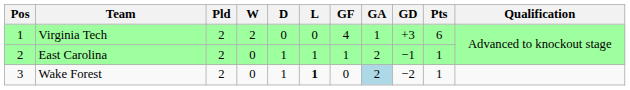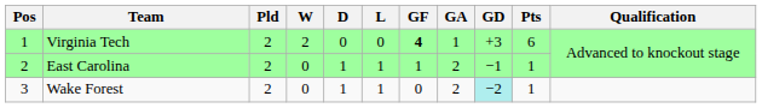 <table class="wikitable" style="text-align:center; margin: 1em auto">
 <tr>
 <th style="width:2em">Pos</th>
 <th style="width:13em">Team</th>
 <th style="width:2em">Pld</th>
 <th style="width:2em">W</th>
 <th style="width:2em">D</th>
 <th style="width:2em">L</th>
 <th style="width:2em">GF</th>
 <th style="width:2em">GA</th>
 <th style="width:2em">GD</th>
 <th style="width:2em">Pts</th>
 <th style="width:13em">Qualification</th>
 </tr>
 <tr bgcolor="#9eff9e">
 <td>1</td>
 <td style="text-align:left">Virginia Tech</td>
 <td>2</td>
 <td>2</td>
 <td>0</td>
 <td>0</td>
-<td>4</td>
+<td><strong>4</strong></td>
 <td>1</td>
 <td>+3</td>
 <td>6</td>
 <td rowspan="2">Advanced to knockout stage</td>
 </tr>
 <tr bgcolor="#9eff9e">
 <td>2</td>
 <td style="text-align:left">East Carolina</td>
 <td>2</td>
 <td>0</td>
 <td>1</td>
 <td>1</td>
 <td>1</td>
 <td>2</td>
 <td>−1</td>
 <td>1</td>
 </tr>
 <tr>
 <td>3</td>
 <td style="text-align:left">Wake Forest</td>
 <td>2</td>
 <td>0</td>
 <td>1</td>
-<td><strong>1</strong></td>
+<td>1</td>
 <td>0</td>
-<td style="background: lightblue;">2</td>
-<td>−2</td>
+<td>2</td>
+<td style="background: paleturquoise;">−2</td>
 <td>1</td>
 <td></td>
 </tr>
 </table>
